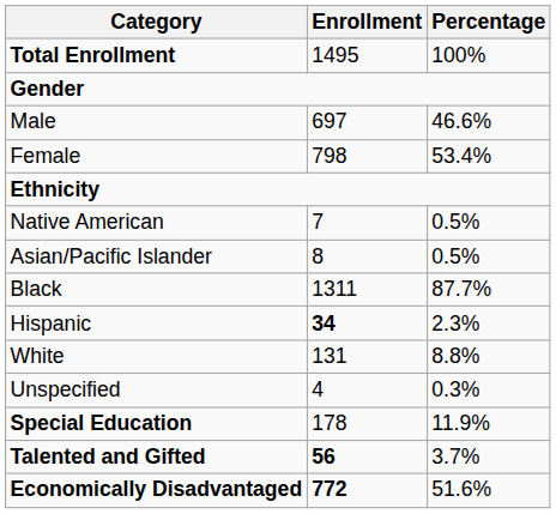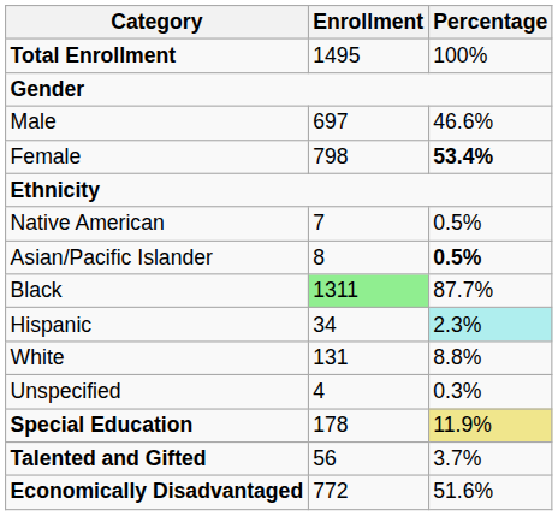 <table class="wikitable" border="1">
 <tr>
 <th>Category</th>
 <th>Enrollment</th>
 <th>Percentage</th>
 </tr>
 <tr>
 <td><strong>Total Enrollment</strong></td>
 <td>1495</td>
 <td>100%</td>
 </tr>
 <tr>
 <td colspan="3"><strong>Gender</strong></td>
 </tr>
 <tr>
 <td>Male</td>
 <td>697</td>
 <td>46.6%</td>
 </tr>
 <tr>
 <td>Female</td>
 <td>798</td>
-<td>53.4%</td>
+<td><strong>53.4%</strong></td>
 </tr>
 <tr>
 <td colspan="3"><strong>Ethnicity</strong></td>
 </tr>
 <tr>
 <td>Native American</td>
 <td>7</td>
 <td>0.5%</td>
 </tr>
 <tr>
 <td>Asian/Pacific Islander</td>
 <td>8</td>
-<td>0.5%</td>
+<td><strong>0.5%</strong></td>
 </tr>
 <tr>
 <td>Black</td>
-<td>1311</td>
+<td style="background: lightgreen;">1311</td>
 <td>87.7%</td>
 </tr>
 <tr>
 <td>Hispanic</td>
-<td><strong>34</strong></td>
-<td>2.3%</td>
+<td>34</td>
+<td style="background: paleturquoise;">2.3%</td>
 </tr>
 <tr>
 <td>White</td>
 <td>131</td>
 <td>8.8%</td>
 </tr>
 <tr>
 <td>Unspecified</td>
 <td>4</td>
 <td>0.3%</td>
 </tr>
 <tr>
 <td><strong>Special Education</strong></td>
 <td>178</td>
-<td>11.9%</td>
+<td style="background: khaki;">11.9%</td>
 </tr>
 <tr>
 <td><strong>Talented and Gifted</strong></td>
-<td><strong>56</strong></td>
+<td>56</td>
 <td>3.7%</td>
 </tr>
 <tr>
 <td><strong>Economically Disadvantaged</strong></td>
-<td><strong>772</strong></td>
+<td>772</td>
 <td>51.6%</td>
 </tr>
 </table>
